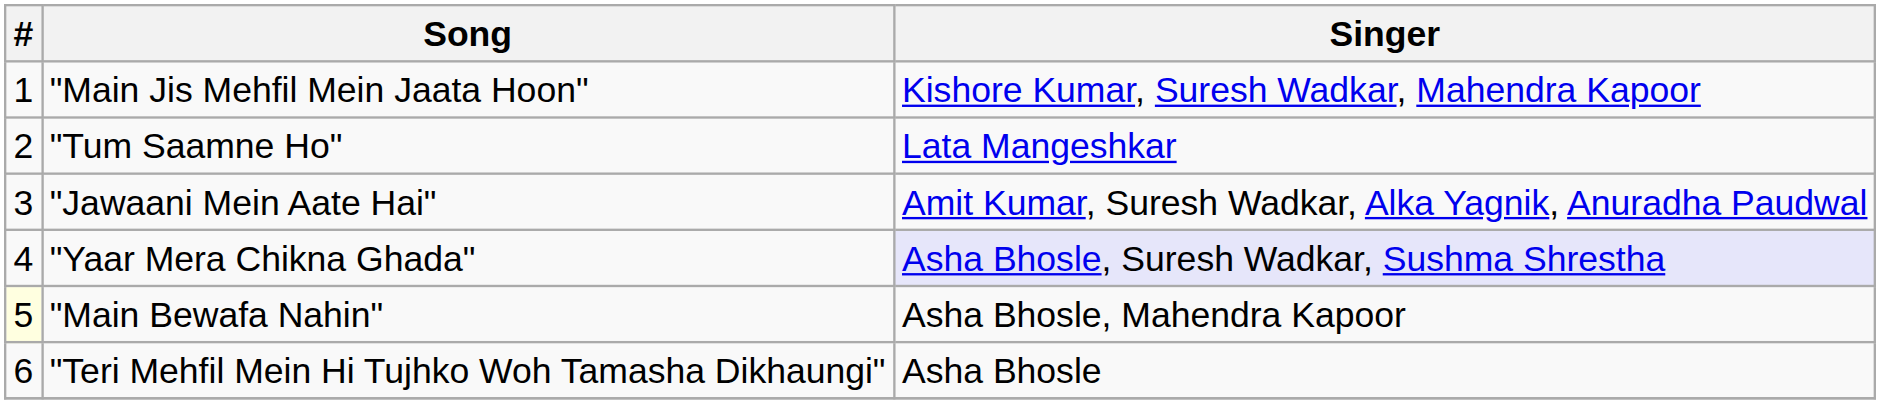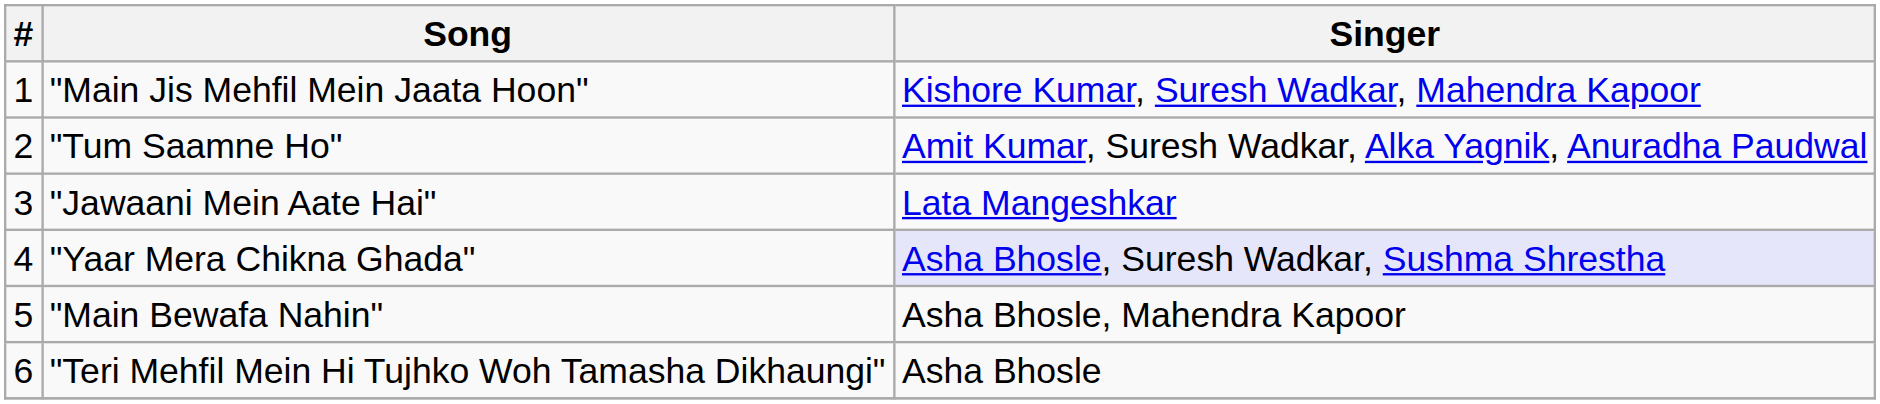 <table class="wikitable" style="font-size:95%;">
 <tr>
 <th>#</th>
 <th>Song</th>
 <th>Singer</th>
 </tr>
 <tr>
 <td>1</td>
 <td>"Main Jis Mehfil Mein Jaata Hoon"</td>
 <td><a href='#'>Kishore Kumar</a>, <a href='#'>Suresh Wadkar</a>, <a href='#'>Mahendra Kapoor</a></td>
 </tr>
 <tr>
 <td>2</td>
 <td>"Tum Saamne Ho"</td>
-<td><a href='#'>Lata Mangeshkar</a></td>
+<td><a href='#'>Amit Kumar</a>, Suresh Wadkar, <a href='#'>Alka Yagnik</a>, <a href='#'>Anuradha Paudwal</a></td>
 </tr>
 <tr>
 <td>3</td>
 <td>"Jawaani Mein Aate Hai"</td>
-<td><a href='#'>Amit Kumar</a>, Suresh Wadkar, <a href='#'>Alka Yagnik</a>, <a href='#'>Anuradha Paudwal</a></td>
+<td><a href='#'>Lata Mangeshkar</a></td>
 </tr>
 <tr>
 <td>4</td>
 <td>"Yaar Mera Chikna Ghada"</td>
 <td style="background: lavender;"><a href='#'>Asha Bhosle</a>, Suresh Wadkar, <a href='#'>Sushma Shrestha</a></td>
 </tr>
 <tr>
-<td style="background: lightyellow;">5</td>
+<td>5</td>
 <td>"Main Bewafa Nahin"</td>
 <td>Asha Bhosle, Mahendra Kapoor</td>
 </tr>
 <tr>
 <td>6</td>
 <td>"Teri Mehfil Mein Hi Tujhko Woh Tamasha Dikhaungi"</td>
 <td>Asha Bhosle</td>
 </tr>
 <tr>
 </tr>
 </table>
